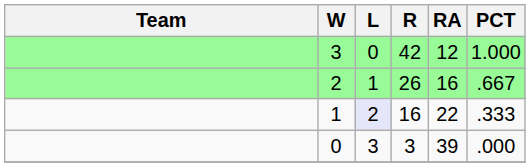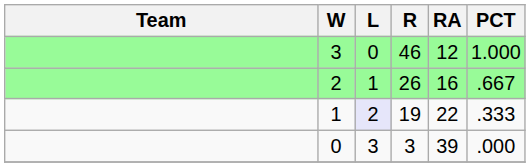 <table class=wikitable style="text-align:center;font-size:90%">
 <tr>
 <th width=220>Team</th>
 <th width=20>W</th>
 <th width=20>L</th>
 <th width=20>R</th>
 <th width=20>RA</th>
 <th width=20>PCT</th>
 </tr>
 <tr bgcolor=#98fb98>
 <td align=left></td>
 <td>3</td>
 <td>0</td>
-<td>42</td>
+<td>46</td>
 <td>12</td>
 <td>1.000</td>
 </tr>
 <tr bgcolor=#98fb98>
 <td align=left></td>
 <td>2</td>
 <td>1</td>
 <td>26</td>
 <td>16</td>
 <td>.667</td>
 </tr>
 <tr>
 <td align=left></td>
 <td>1</td>
 <td style="background: lavender;">2</td>
-<td>16</td>
+<td>19</td>
 <td>22</td>
 <td>.333</td>
 </tr>
 <tr>
 <td align=left></td>
 <td>0</td>
 <td>3</td>
 <td>3</td>
 <td>39</td>
 <td>.000</td>
 </tr>
 <tr>
 </tr>
 </table>
